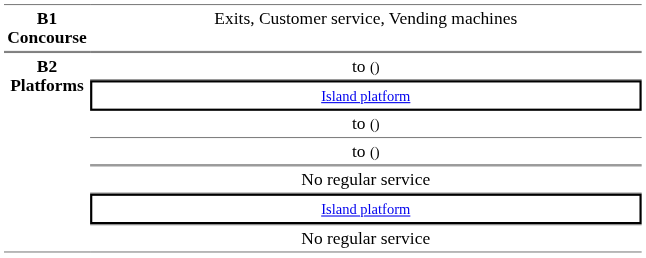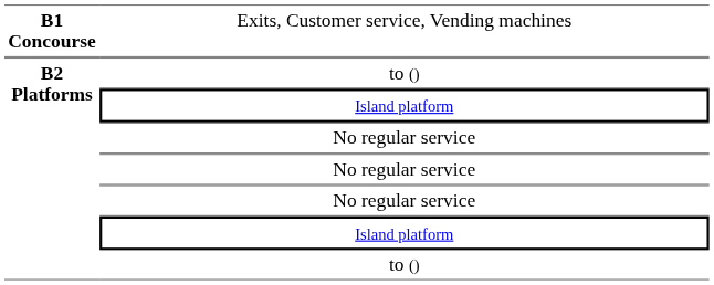 <table table border=0 cellspacing=0 cellpadding=3>
 <tr>
 <td style="border-bottom:solid 1px gray; border-top:solid 1px gray;text-align:center" valign=top><strong>B1<br>Concourse</strong></td>
 <td style="border-bottom:solid 1px gray; border-top:solid 1px gray;text-align:center;" valign=top width=500>Exits, Customer service, Vending machines</td>
 </tr>
 <tr>
 <td style="border-bottom:solid 1px gray; border-top:solid 1px gray;text-align:center" rowspan="7" valign=top><strong>B2<br>Platforms</strong></td>
 <td style="border-bottom:solid 1px gray; border-top:solid 1px gray;text-align:center;">  to  <small>()</small></td>
 </tr>
 <tr>
 <td style="border-right:solid 2px black;border-left:solid 2px black;border-top:solid 2px black;border-bottom:solid 2px black;text-align:center;" colspan=2><small><a href='#'>Island platform</a></small></td>
 </tr>
 <tr>
-<td style="border-bottom:solid 1px gray;text-align:center;"> to  <small>()</small> </td>
+<td style="border-bottom:solid 1px gray; border-top:solid 1px gray;text-align:center;">No regular service</td>
 </tr>
 <tr>
-<td style="border-bottom:solid 1px gray;text-align:center;"> to  <small>()</small> </td>
+<td style="border-bottom:solid 1px gray; border-top:solid 1px gray;text-align:center;">No regular service</td>
 </tr>
 <tr>
 <td style="border-bottom:solid 1px gray; border-top:solid 1px gray;text-align:center;">No regular service</td>
 </tr>
 <tr>
 <td style="border-right:solid 2px black;border-left:solid 2px black;border-top:solid 2px black;border-bottom:solid 2px black;text-align:center;" colspan=2><small><a href='#'>Island platform</a></small></td>
 </tr>
 <tr>
-<td style="border-bottom:solid 1px gray; border-top:solid 1px gray;text-align:center;">No regular service</td>
+<td style="border-bottom:solid 1px gray;text-align:center;"> to  <small>()</small> </td>
 </tr>
 </table>
